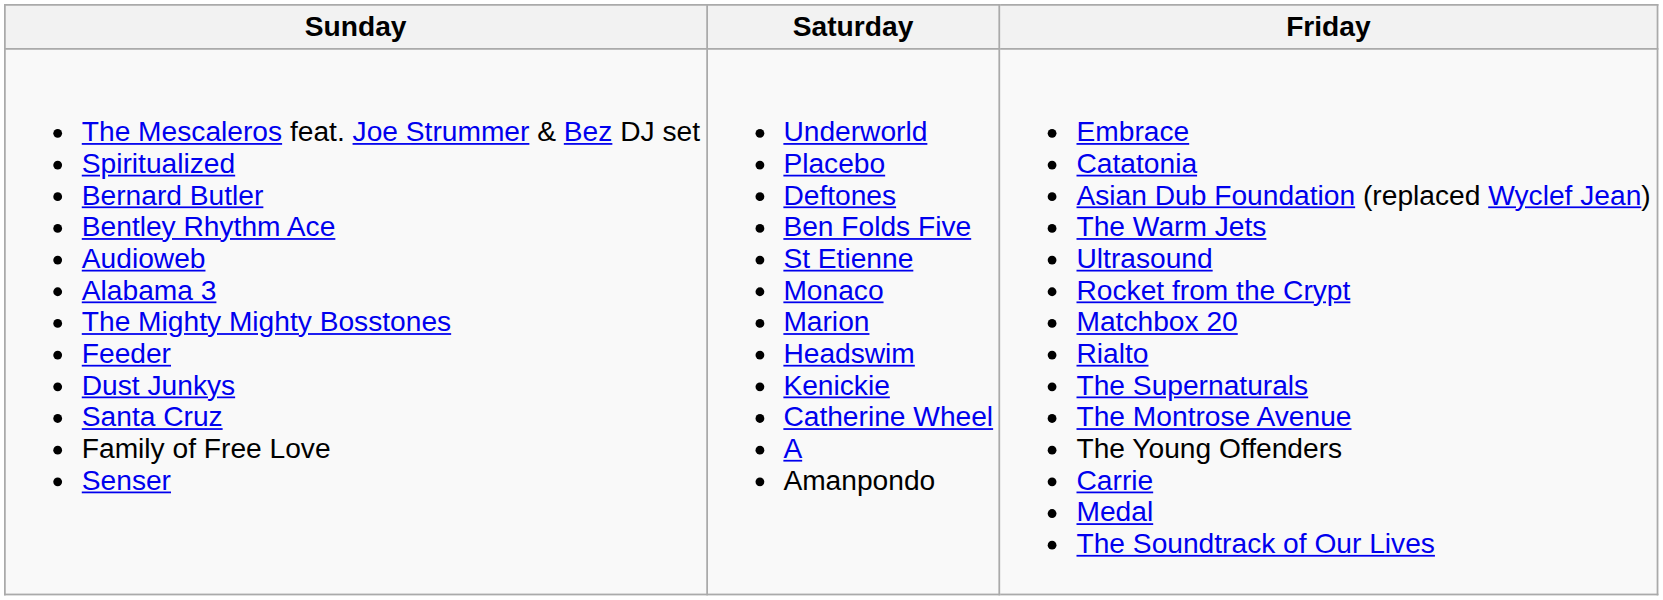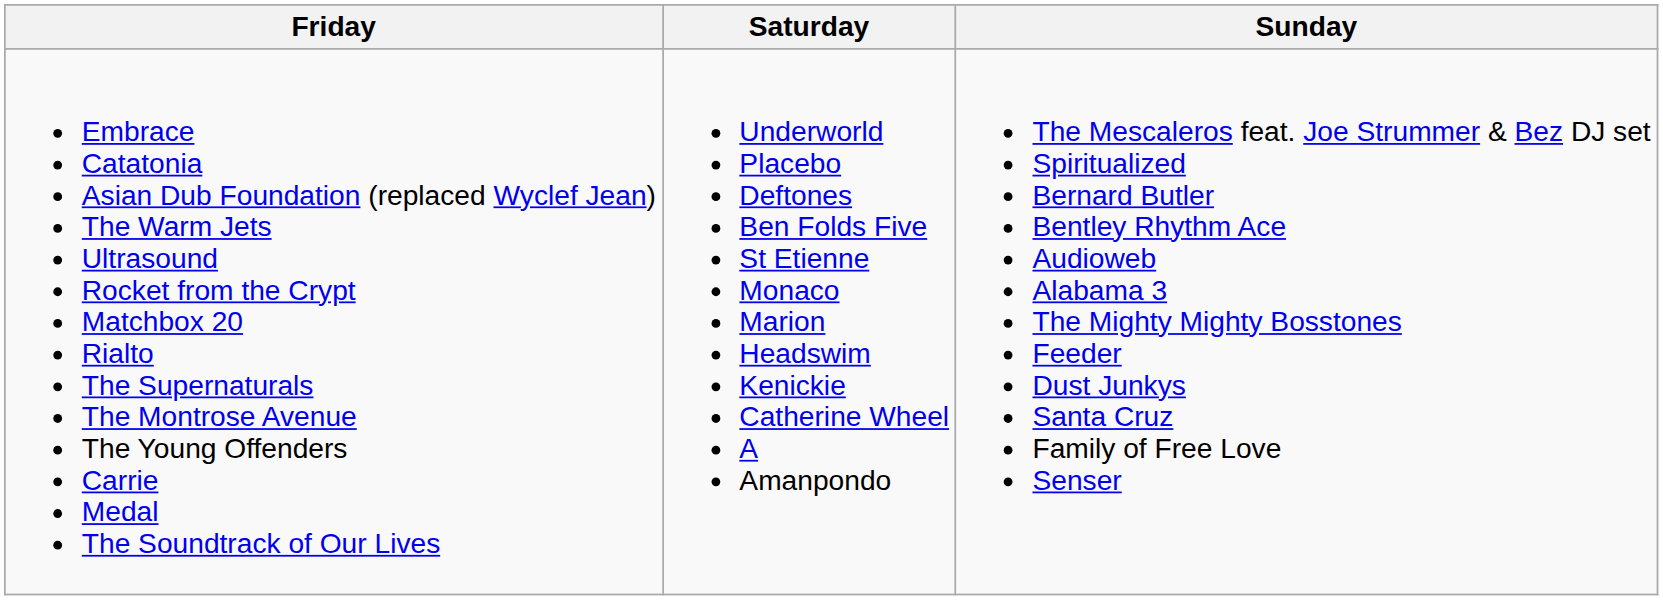 <table class="wikitable">
 <tr>
+<th>Friday</th>
+<th>Saturday</th>
 <th>Sunday</th>
-<th>Saturday</th>
-<th>Friday</th>
 </tr>
 <tr valign="top">
+<td><br><ul><li><a href='#'>Embrace</a></li><li><a href='#'>Catatonia</a></li><li><a href='#'>Asian Dub Foundation</a> (replaced <a href='#'>Wyclef Jean</a>)</li><li><a href='#'>The Warm Jets</a></li><li><a href='#'>Ultrasound</a></li><li><a href='#'>Rocket from the Crypt</a></li><li><a href='#'>Matchbox 20</a></li><li><a href='#'>Rialto</a></li><li><a href='#'>The Supernaturals</a></li><li><a href='#'>The Montrose Avenue</a></li><li>The Young Offenders</li><li><a href='#'>Carrie</a></li><li><a href='#'>Medal</a></li><li><a href='#'>The Soundtrack of Our Lives</a></li></ul></td>
+<td><br><ul><li><a href='#'>Underworld</a></li><li><a href='#'>Placebo</a></li><li><a href='#'>Deftones</a></li><li><a href='#'>Ben Folds Five</a></li><li><a href='#'>St Etienne</a></li><li><a href='#'>Monaco</a></li><li><a href='#'>Marion</a></li><li><a href='#'>Headswim</a></li><li><a href='#'>Kenickie</a></li><li><a href='#'>Catherine Wheel</a></li><li><a href='#'>A</a></li><li>Amanpondo</li></ul></td>
 <td><br><ul><li><a href='#'>The Mescaleros</a> feat. <a href='#'>Joe Strummer</a> & <a href='#'>Bez</a> DJ set</li><li><a href='#'>Spiritualized</a></li><li><a href='#'>Bernard Butler</a></li><li><a href='#'>Bentley Rhythm Ace</a></li><li><a href='#'>Audioweb</a></li><li><a href='#'>Alabama 3</a></li><li><a href='#'>The Mighty Mighty Bosstones</a></li><li><a href='#'>Feeder</a></li><li><a href='#'>Dust Junkys</a></li><li><a href='#'>Santa Cruz</a></li><li>Family of Free Love</li><li><a href='#'>Senser</a></li></ul></td>
-<td><br><ul><li><a href='#'>Underworld</a></li><li><a href='#'>Placebo</a></li><li><a href='#'>Deftones</a></li><li><a href='#'>Ben Folds Five</a></li><li><a href='#'>St Etienne</a></li><li><a href='#'>Monaco</a></li><li><a href='#'>Marion</a></li><li><a href='#'>Headswim</a></li><li><a href='#'>Kenickie</a></li><li><a href='#'>Catherine Wheel</a></li><li><a href='#'>A</a></li><li>Amanpondo</li></ul></td>
-<td><br><ul><li><a href='#'>Embrace</a></li><li><a href='#'>Catatonia</a></li><li><a href='#'>Asian Dub Foundation</a> (replaced <a href='#'>Wyclef Jean</a>)</li><li><a href='#'>The Warm Jets</a></li><li><a href='#'>Ultrasound</a></li><li><a href='#'>Rocket from the Crypt</a></li><li><a href='#'>Matchbox 20</a></li><li><a href='#'>Rialto</a></li><li><a href='#'>The Supernaturals</a></li><li><a href='#'>The Montrose Avenue</a></li><li>The Young Offenders</li><li><a href='#'>Carrie</a></li><li><a href='#'>Medal</a></li><li><a href='#'>The Soundtrack of Our Lives</a></li></ul></td>
 </tr>
 </table>
